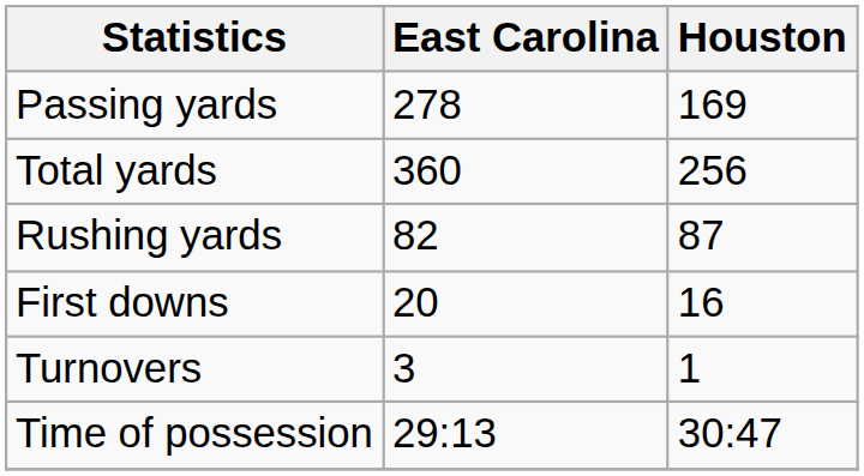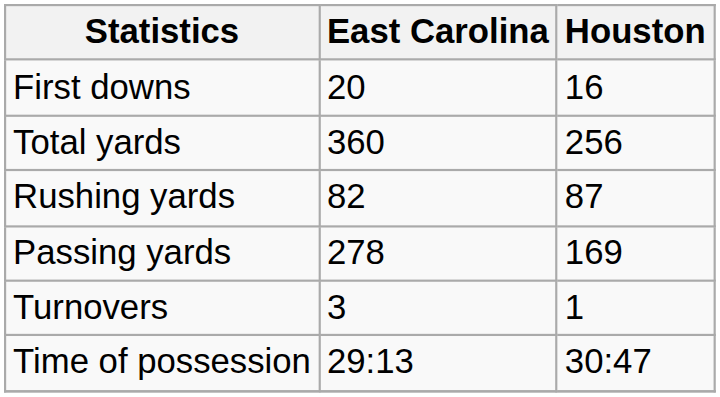 <table class="wikitable">
 <tr>
 <th>Statistics</th>
 <th>East Carolina</th>
 <th>Houston</th>
 </tr>
 <tr>
-<td>Passing yards</td>
-<td>278</td>
-<td>169</td>
+<td>First downs</td>
+<td>20</td>
+<td>16</td>
 </tr>
 <tr>
 <td>Total yards</td>
 <td>360</td>
 <td>256</td>
 </tr>
 <tr>
 <td>Rushing yards</td>
 <td>82</td>
 <td>87</td>
 </tr>
 <tr>
-<td>First downs</td>
-<td>20</td>
-<td>16</td>
+<td>Passing yards</td>
+<td>278</td>
+<td>169</td>
 </tr>
 <tr>
 <td>Turnovers</td>
 <td>3</td>
 <td>1</td>
 </tr>
 <tr>
 <td>Time of possession</td>
 <td>29:13</td>
 <td>30:47</td>
 </tr>
 <tr>
 </tr>
 </table>
